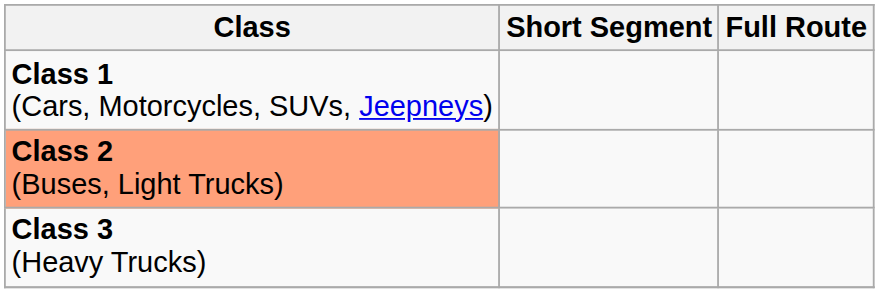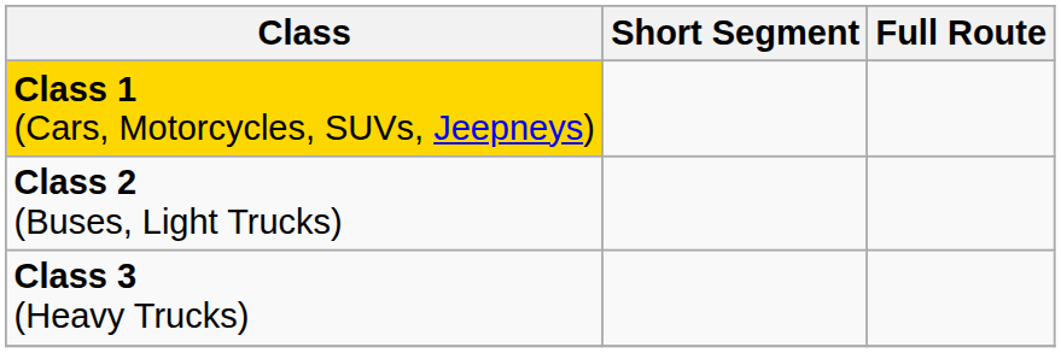 <table class="wikitable">
 <tr>
 <th>Class</th>
 <th>Short Segment</th>
 <th>Full Route</th>
 </tr>
 <tr>
-<td><strong>Class 1</strong><br>(Cars, Motorcycles, SUVs, <a href='#'>Jeepneys</a>)</td>
+<td style="background: gold;"><strong>Class 1</strong><br>(Cars, Motorcycles, SUVs, <a href='#'>Jeepneys</a>)</td>
 <td></td>
 <td></td>
 </tr>
 <tr>
-<td style="background: lightsalmon;"><strong>Class 2</strong><br>(Buses, Light Trucks)</td>
+<td><strong>Class 2</strong><br>(Buses, Light Trucks)</td>
 <td></td>
 <td></td>
 </tr>
 <tr>
 <td><strong>Class 3</strong><br>(Heavy Trucks)</td>
 <td></td>
 <td></td>
 </tr>
 <tr>
 </tr>
 </table>
